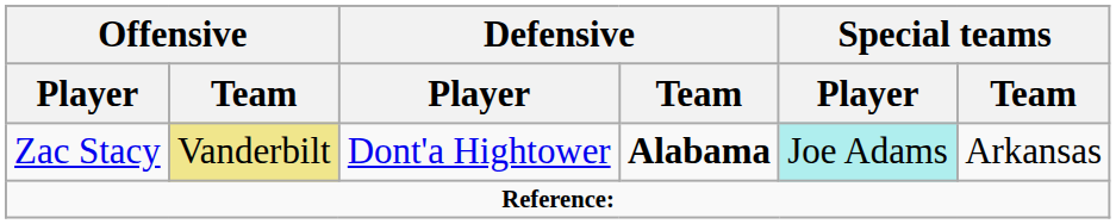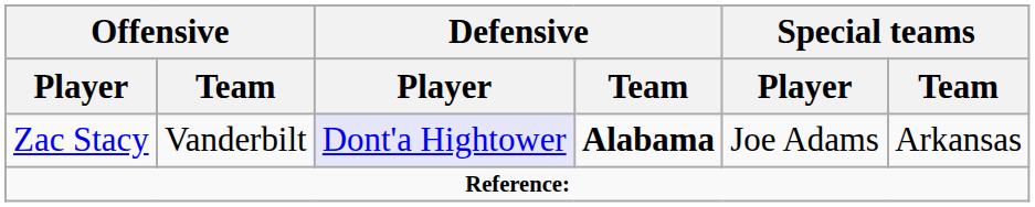 <table class="wikitable" border="1">
 <tr>
 <th colspan="2">Offensive</th>
 <th colspan="2">Defensive</th>
 <th colspan="2">Special teams</th>
 </tr>
 <tr>
 <th>Player</th>
 <th>Team</th>
 <th>Player</th>
 <th>Team</th>
 <th>Player</th>
 <th>Team</th>
 </tr>
 <tr>
 <td><a href='#'>Zac Stacy</a></td>
-<td style="background: khaki;">Vanderbilt</td>
-<td><a href='#'>Dont'a Hightower</a></td>
+<td>Vanderbilt</td>
+<td style="background: lavender;"><a href='#'>Dont'a Hightower</a></td>
 <td><strong>Alabama</strong></td>
-<td style="background: paleturquoise;">Joe Adams</td>
+<td>Joe Adams</td>
 <td>Arkansas</td>
 </tr>
 <tr>
 <td colspan="6" style="font-size: 8pt" align="center"><strong>Reference:</strong></td>
 </tr>
 </table>
